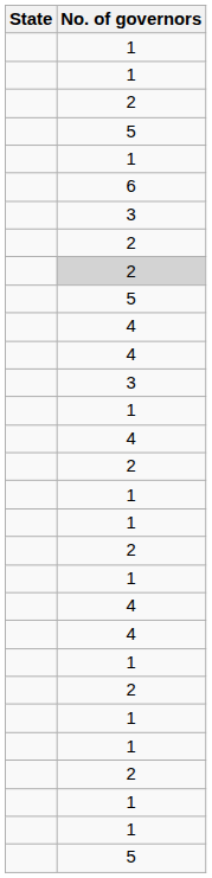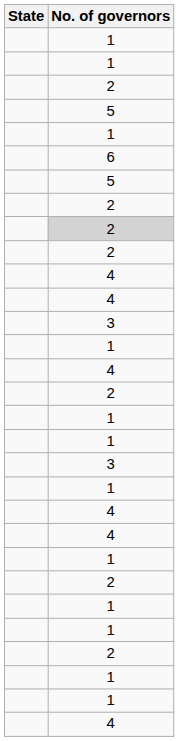 <table class="wikitable sortable">
 <tr>
 <th>State</th>
 <th>No. of governors</th>
 </tr>
 <tr>
 <td></td>
 <td align=center>1</td>
 </tr>
 <tr>
 <td></td>
 <td align=center>1</td>
 </tr>
 <tr>
 <td></td>
 <td align=center>2</td>
 </tr>
 <tr>
 <td></td>
 <td align=center>5</td>
 </tr>
 <tr>
 <td></td>
 <td align=center>1</td>
 </tr>
 <tr>
 <td></td>
 <td align=center>6</td>
 </tr>
 <tr>
 <td></td>
-<td align=center>3</td>
+<td align=center>5</td>
 </tr>
 <tr>
 <td></td>
 <td align=center>2</td>
 </tr>
 <tr>
 <td></td>
 <td align=center style="background: lightgrey;">2</td>
 </tr>
 <tr>
 <td></td>
-<td align=center>5</td>
+<td align=center>2</td>
 </tr>
 <tr>
 <td></td>
 <td align=center>4</td>
 </tr>
 <tr>
 <td></td>
 <td align=center>4</td>
 </tr>
 <tr>
 <td></td>
 <td align=center>3</td>
 </tr>
 <tr>
 <td></td>
 <td align=center>1</td>
 </tr>
 <tr>
 <td></td>
 <td align=center>4</td>
 </tr>
 <tr>
 <td></td>
 <td align=center>2</td>
 </tr>
 <tr>
 <td></td>
 <td align=center>1</td>
 </tr>
 <tr>
 <td></td>
 <td align=center>1</td>
 </tr>
 <tr>
 <td></td>
-<td align=center>2</td>
+<td align=center>3</td>
 </tr>
 <tr>
 <td></td>
 <td align=center>1</td>
 </tr>
 <tr>
 <td></td>
 <td align=center>4</td>
 </tr>
 <tr>
 <td></td>
 <td align=center>4</td>
 </tr>
 <tr>
 <td></td>
 <td align=center>1</td>
 </tr>
 <tr>
 <td></td>
 <td align=center>2</td>
 </tr>
 <tr>
 <td></td>
 <td align=center>1</td>
 </tr>
 <tr>
 <td></td>
 <td align=center>1</td>
 </tr>
 <tr>
 <td></td>
 <td align=center>2</td>
 </tr>
 <tr>
 <td></td>
 <td align=center>1</td>
 </tr>
 <tr>
 <td></td>
 <td align=center>1</td>
 </tr>
 <tr>
 <td></td>
-<td align=center>5</td>
+<td align=center>4</td>
 </tr>
 </table>
